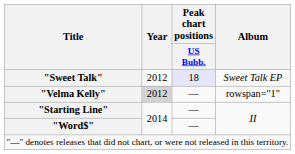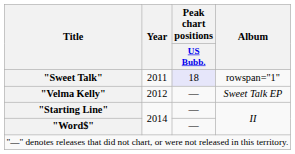 <table class="wikitable plainrowheaders" style="text-align:center;">
 <tr>
 <th scope="col" rowspan="2" style="width:13em;">Title</th>
 <th scope="col" rowspan="2">Year</th>
 <th scope="col" colspan="1">Peak chart positions</th>
 <th scope="col" rowspan="2">Album</th>
 </tr>
 <tr>
 <th scope="col" style="width:3em;font-size:90%;"><a href='#'>US<br>Bubb.</a><br></th>
 </tr>
 <tr>
 <th scope="row">"Sweet Talk"</th>
-<td>2012</td>
+<td>2011</td>
 <td style="background: lavender;">18</td>
-<td rowspan="1"><em>Sweet Talk EP</em></td>
+<td>rowspan="1" </td>
 </tr>
 <tr>
 <th scope="row">"Velma Kelly"<br></th>
-<td style="background: lightgrey;">2012</td>
+<td>2012</td>
 <td>—</td>
-<td>rowspan="1" </td>
+<td rowspan="1"><em>Sweet Talk EP</em></td>
 </tr>
 <tr>
 <th scope="row">"Starting Line"</th>
 <td rowspan="2">2014</td>
 <td>—</td>
 <td rowspan="2"><em>II</em></td>
 </tr>
 <tr>
 <th scope="row">"Word$"<br></th>
 <td>—</td>
 </tr>
 <tr>
 <td colspan="14" style="font-size:90%">"—" denotes releases that did not chart, or were not released in this territory.</td>
 </tr>
 </table>
